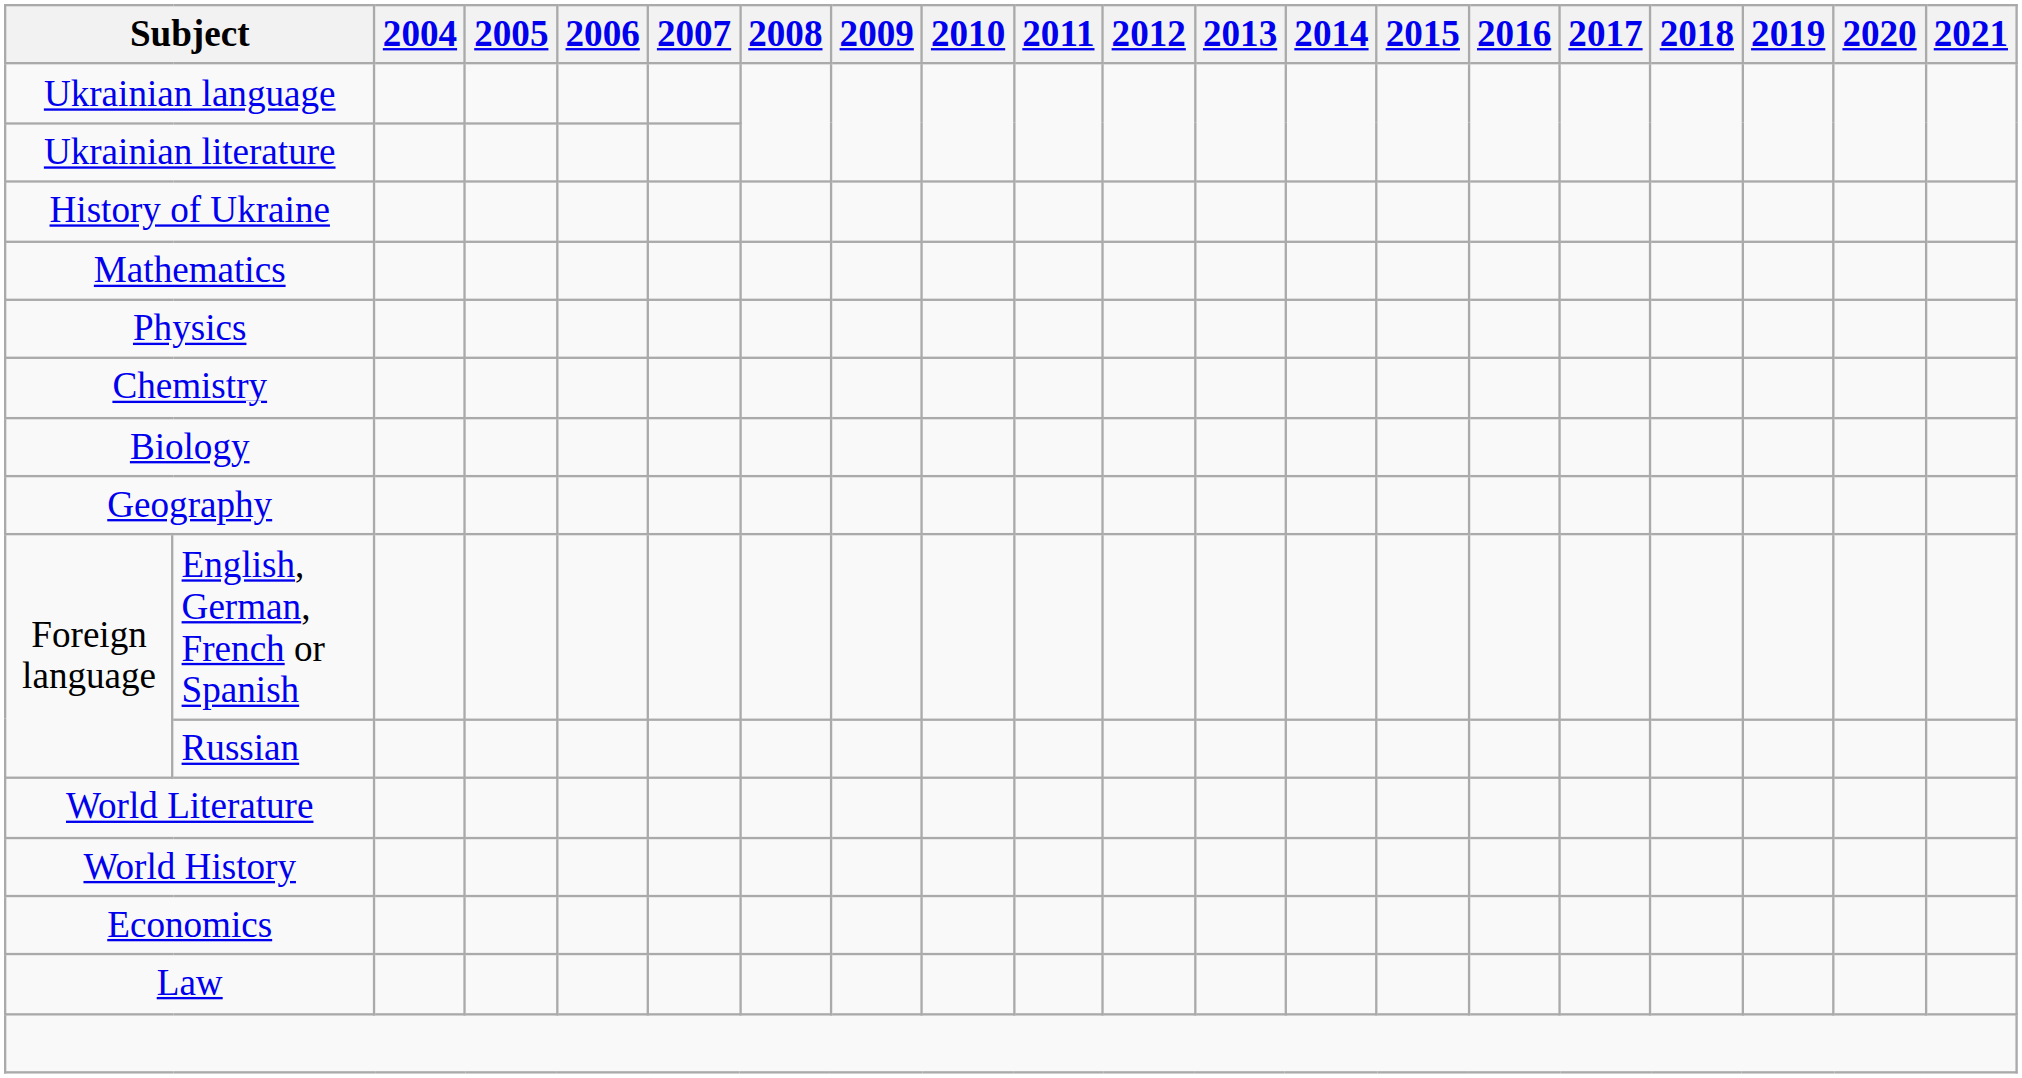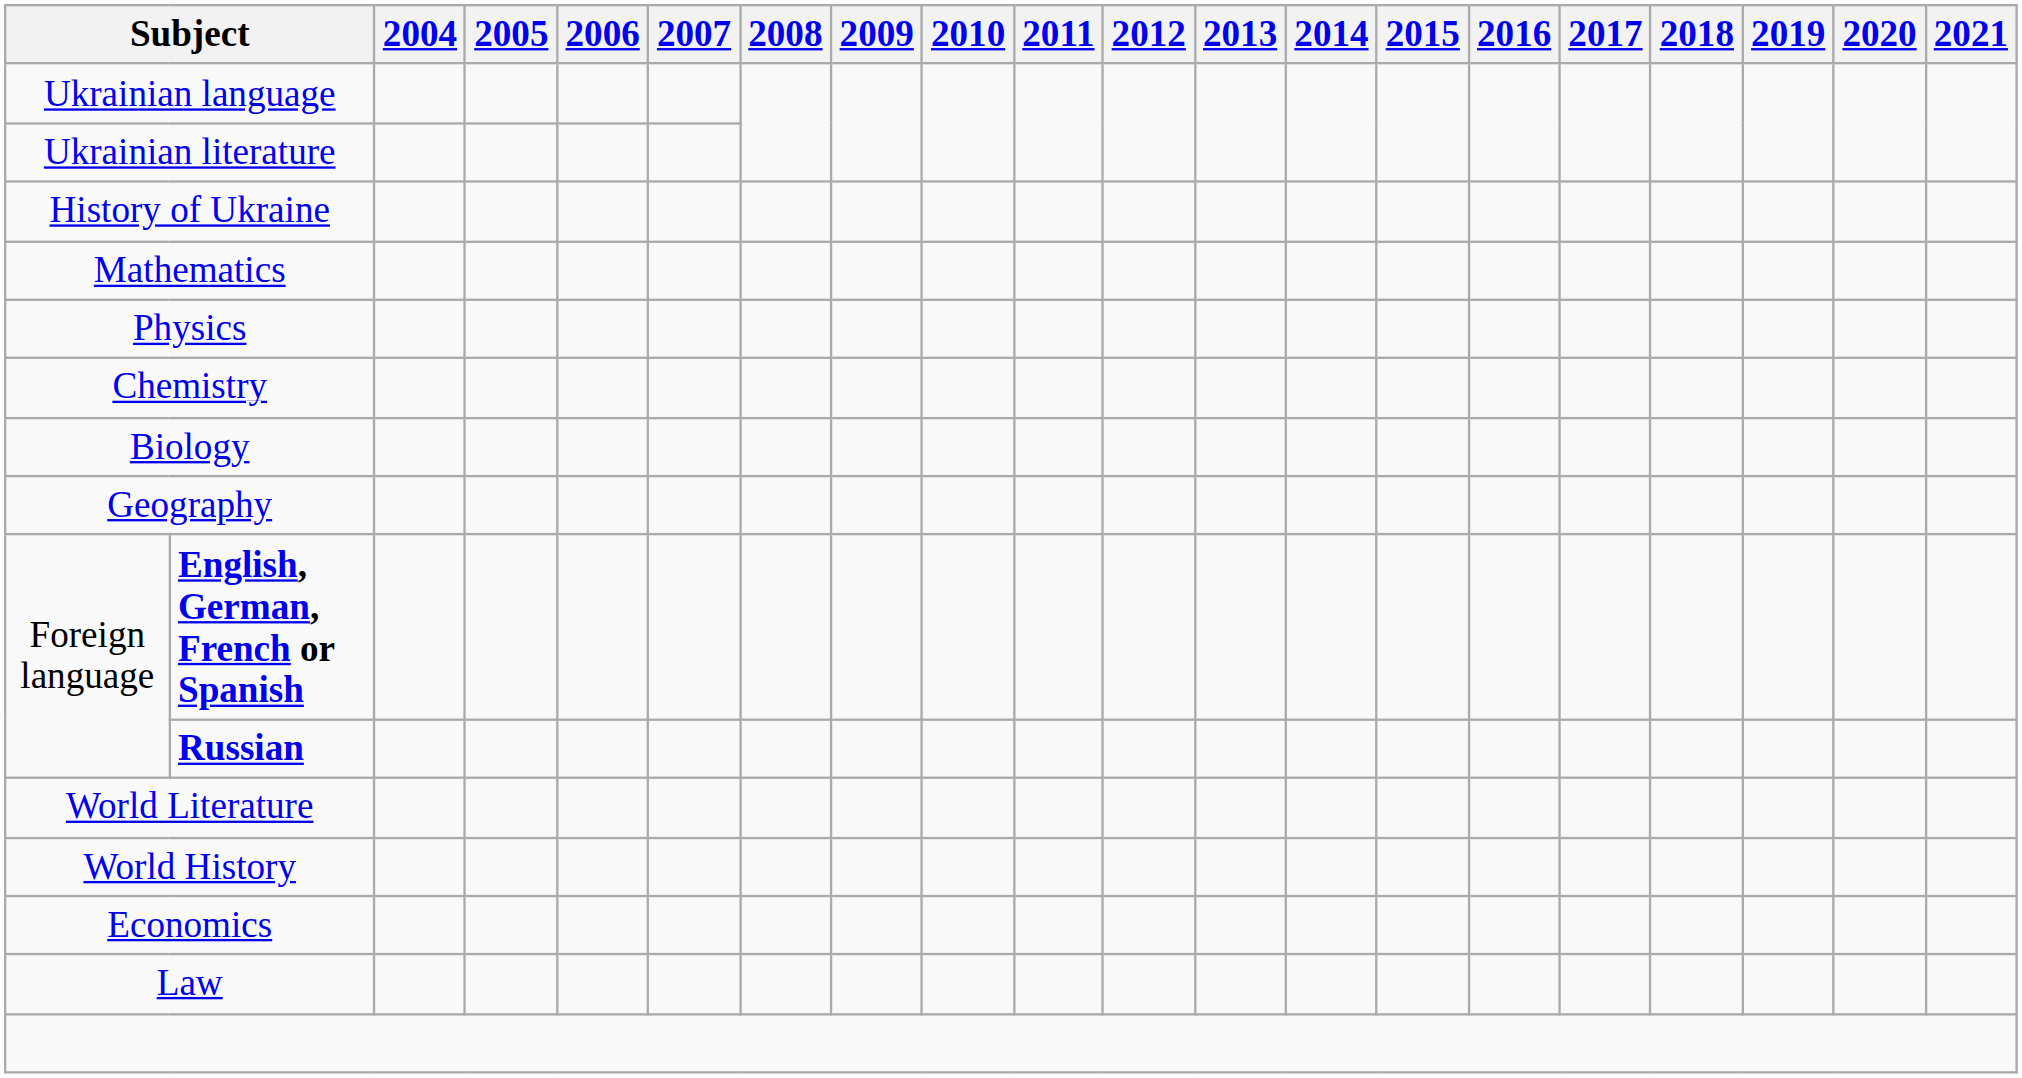 <table class="wikitable standard" align="center">
 <tr>
 <th colspan="2" align="center" width="150px"><strong>Subject</strong></th>
 <th align="center"><a href='#'>2004</a></th>
 <th><a href='#'>2005</a></th>
 <th><a href='#'>2006</a></th>
 <th><a href='#'>2007</a></th>
 <th><a href='#'>2008</a></th>
 <th><a href='#'>2009</a></th>
 <th><a href='#'>2010</a></th>
 <th><a href='#'>2011</a></th>
 <th><a href='#'>2012</a></th>
 <th><a href='#'>2013</a></th>
 <th><a href='#'>2014</a></th>
 <th><a href='#'>2015</a></th>
 <th><a href='#'>2016</a></th>
 <th><a href='#'>2017</a></th>
 <th><a href='#'>2018</a></th>
 <th><a href='#'>2019</a></th>
 <th><a href='#'>2020</a></th>
 <th><a href='#'>2021</a></th>
 </tr>
 <tr ---->
 <td colspan="2" align="center"><a href='#'>Ukrainian language</a></td>
 <td align="center"></td>
 <td align="center"></td>
 <td align="center"></td>
 <td align="center" align="center"></td>
 <td rowspan="2" align="center"></td>
 <td rowspan="2" align="center"></td>
 <td rowspan="2" align="center"></td>
 <td rowspan="2" align="center"></td>
 <td rowspan="2" align="center"></td>
 <td rowspan="2" align="center"></td>
 <td rowspan="2" align="center"></td>
 <td rowspan="2" align="center"></td>
 <td rowspan="2" align="center"></td>
 <td rowspan="2" align="center"></td>
 <td rowspan="2" align="center"></td>
 <td rowspan="2" align="center"></td>
 <td rowspan="2" align="center"></td>
 <td rowspan="2" align="center"></td>
 </tr>
 <tr ---->
 <td colspan="2" align="center"><a href='#'>Ukrainian literature</a></td>
 <td align="center"></td>
 <td align="center"></td>
 <td align="center"></td>
 <td align="center"></td>
 </tr>
 <tr ---->
 <td colspan="2" align="center"><a href='#'>History of Ukraine</a></td>
 <td align="center"></td>
 <td align="center"></td>
 <td align="center"></td>
 <td align="center"></td>
 <td align="center"></td>
 <td align="center"></td>
 <td align="center"></td>
 <td align="center"></td>
 <td align="center"></td>
 <td align="center"></td>
 <td align="center"></td>
 <td align="center"></td>
 <td align="center"></td>
 <td align="center"></td>
 <td align="center"></td>
 <td align="center"></td>
 <td align="center"></td>
 <td align="center"></td>
 </tr>
 <tr ---->
 <td colspan="2" align="center"><a href='#'>Mathematics</a></td>
 <td align="center"></td>
 <td align="center"></td>
 <td align="center"></td>
 <td align="center"></td>
 <td align="center"></td>
 <td align="center"></td>
 <td align="center"></td>
 <td align="center"></td>
 <td align="center"></td>
 <td align="center"></td>
 <td align="center"></td>
 <td align="center"></td>
 <td align="center"></td>
 <td align="center"></td>
 <td align="center"></td>
 <td align="center"></td>
 <td align="center"></td>
 <td align="center"></td>
 </tr>
 <tr ---->
 <td colspan="2" align="center"><a href='#'>Physics</a></td>
 <td align="center"></td>
 <td align="center"></td>
 <td align="center"></td>
 <td align="center"></td>
 <td align="center"></td>
 <td align="center"></td>
 <td align="center"></td>
 <td align="center"></td>
 <td align="center"></td>
 <td align="center"></td>
 <td align="center"></td>
 <td align="center"></td>
 <td align="center"></td>
 <td align="center"></td>
 <td align="center"></td>
 <td align="center"></td>
 <td align="center"></td>
 <td align="center"></td>
 </tr>
 <tr ---->
 <td colspan="2" align="center"><a href='#'>Chemistry</a></td>
 <td align="center"></td>
 <td align="center"></td>
 <td align="center"></td>
 <td align="center"></td>
 <td align="center"></td>
 <td align="center"></td>
 <td align="center"></td>
 <td align="center"></td>
 <td align="center"></td>
 <td align="center"></td>
 <td align="center"></td>
 <td align="center"></td>
 <td align="center"></td>
 <td align="center"></td>
 <td align="center"></td>
 <td align="center"></td>
 <td align="center"></td>
 <td align="center"></td>
 </tr>
 <tr ---->
 <td colspan="2" align="center"><a href='#'>Biology</a></td>
 <td align="center"></td>
 <td align="center"></td>
 <td align="center"></td>
 <td align="center"></td>
 <td align="center"></td>
 <td align="center"></td>
 <td align="center"></td>
 <td align="center"></td>
 <td align="center"></td>
 <td align="center"></td>
 <td align="center"></td>
 <td align="center"></td>
 <td align="center"></td>
 <td align="center"></td>
 <td align="center"></td>
 <td align="center"></td>
 <td align="center"></td>
 <td align="center"></td>
 </tr>
 <tr ---->
 <td colspan="2" align="center"><a href='#'>Geography</a></td>
 <td align="center"></td>
 <td align="center"></td>
 <td align="center"></td>
 <td align="center"></td>
 <td align="center"></td>
 <td align="center"></td>
 <td align="center"></td>
 <td align="center"></td>
 <td align="center"></td>
 <td align="center"></td>
 <td align="center"></td>
 <td align="center"></td>
 <td align="center"></td>
 <td align="center"></td>
 <td align="center"></td>
 <td align="center"></td>
 <td align="center"></td>
 <td align="center"></td>
 </tr>
 <tr ---->
 <td rowspan="2" align="center">Foreign language</td>
-<td><a href='#'>English</a>, <a href='#'>German</a>, <a href='#'>French</a> or <a href='#'>Spanish</a></td>
+<td><strong><a href='#'>English</a>, <a href='#'>German</a>, <a href='#'>French</a> or <a href='#'>Spanish</a></strong></td>
 <td align="center"></td>
 <td align="center"></td>
 <td align="center"></td>
 <td align="center"></td>
 <td align="center"></td>
 <td align="center"></td>
 <td align="center"></td>
 <td align="center"></td>
 <td align="center"></td>
 <td align="center"></td>
 <td align="center"></td>
 <td align="center"></td>
 <td align="center"></td>
 <td align="center"></td>
 <td align="center"></td>
 <td align="center"></td>
 <td align="center"></td>
 <td align="center"></td>
 </tr>
 <tr ---->
-<td><a href='#'>Russian</a></td>
+<td><strong><a href='#'>Russian</a></strong></td>
 <td align="center"></td>
 <td align="center"></td>
 <td align="center"></td>
 <td align="center"></td>
 <td align="center"></td>
 <td align="center"></td>
 <td align="center"></td>
 <td align="center"></td>
 <td align="center"></td>
 <td align="center"></td>
 <td align="center"></td>
 <td align="center"></td>
 <td align="center"></td>
 <td align="center"></td>
 <td align="center"></td>
 <td align="center"></td>
 <td align="center"></td>
 <td align="center"></td>
 </tr>
 <tr ---->
 <td colspan="2" align="center"><a href='#'>World Literature</a></td>
 <td align="center"></td>
 <td align="center"></td>
 <td align="center"></td>
 <td align="center"></td>
 <td align="center"></td>
 <td align="center"></td>
 <td align="center"></td>
 <td align="center"></td>
 <td align="center"></td>
 <td align="center"></td>
 <td align="center"></td>
 <td align="center"></td>
 <td align="center"></td>
 <td align="center"></td>
 <td align="center"></td>
 <td align="center"></td>
 <td align="center"></td>
 <td align="center"></td>
 </tr>
 <tr ---->
 <td colspan="2" align="center"><a href='#'>World History</a></td>
 <td align="center"></td>
 <td align="center"></td>
 <td align="center"></td>
 <td align="center"></td>
 <td align="center"></td>
 <td align="center"></td>
 <td align="center"></td>
 <td align="center"></td>
 <td align="center"></td>
 <td align="center"></td>
 <td align="center"></td>
 <td align="center"></td>
 <td align="center"></td>
 <td align="center"></td>
 <td align="center"></td>
 <td align="center"></td>
 <td align="center"></td>
 <td align="center"></td>
 </tr>
 <tr ---->
 <td colspan="2" align="center"><a href='#'>Economics</a></td>
 <td align="center"></td>
 <td align="center"></td>
 <td align="center"></td>
 <td align="center"></td>
 <td align="center"></td>
 <td align="center"></td>
 <td align="center"></td>
 <td align="center"></td>
 <td align="center"></td>
 <td align="center"></td>
 <td align="center"></td>
 <td align="center"></td>
 <td align="center"></td>
 <td align="center"></td>
 <td align="center"></td>
 <td align="center"></td>
 <td align="center"></td>
 <td align="center"></td>
 </tr>
 <tr ---->
 <td colspan="2" align="center"><a href='#'>Law</a></td>
 <td align="center"></td>
 <td align="center"></td>
 <td align="center"></td>
 <td align="center"></td>
 <td align="center"></td>
 <td align="center"></td>
 <td align="center"></td>
 <td align="center"></td>
 <td align="center"></td>
 <td align="center"></td>
 <td align="center"></td>
 <td align="center"></td>
 <td align="center"></td>
 <td align="center"></td>
 <td align="center"></td>
 <td align="center"></td>
 <td align="center"></td>
 <td align="center"></td>
 </tr>
 <tr>
 <td colspan="20" rowspan="1" align="center" style="color: grey;"><br></td>
 </tr>
 </table>
